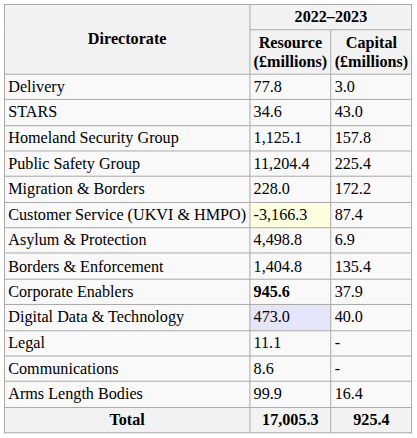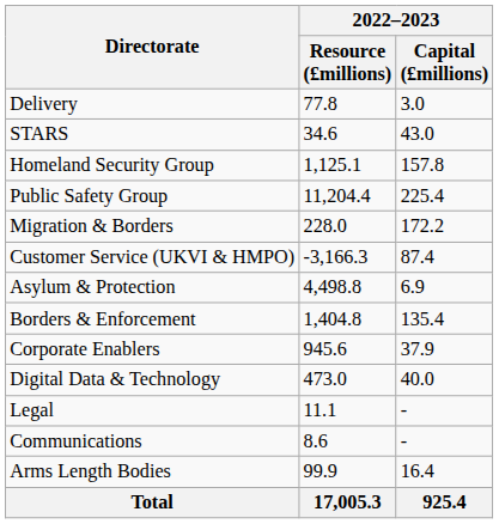 <table class="wikitable sortable">
 <tr>
 <th rowspan=2>Directorate</th>
 <th colspan=2>2022–2023</th>
 </tr>
 <tr>
 <th>Resource<br>(£millions)</th>
 <th>Capital<br>(£millions)</th>
 </tr>
 <tr>
 <td>Delivery</td>
 <td>77.8</td>
 <td>3.0</td>
 </tr>
 <tr>
 <td>STARS</td>
 <td>34.6</td>
 <td>43.0</td>
 </tr>
 <tr>
 <td>Homeland Security Group</td>
 <td>1,125.1</td>
 <td>157.8</td>
 </tr>
 <tr>
 <td>Public Safety Group</td>
 <td>11,204.4</td>
 <td>225.4</td>
 </tr>
 <tr>
 <td>Migration & Borders</td>
 <td>228.0</td>
 <td>172.2</td>
 </tr>
 <tr>
 <td>Customer Service (UKVI & HMPO)</td>
-<td style="background: lightyellow;">-3,166.3</td>
+<td>-3,166.3</td>
 <td>87.4</td>
 </tr>
 <tr>
 <td>Asylum & Protection</td>
 <td>4,498.8</td>
 <td>6.9</td>
 </tr>
 <tr>
 <td>Borders & Enforcement</td>
 <td>1,404.8</td>
 <td>135.4</td>
 </tr>
 <tr>
 <td>Corporate Enablers</td>
-<td><strong>945.6</strong></td>
+<td>945.6</td>
 <td>37.9</td>
 </tr>
 <tr>
 <td>Digital Data & Technology</td>
-<td style="background: lavender;">473.0</td>
+<td>473.0</td>
 <td>40.0</td>
 </tr>
 <tr>
 <td>Legal</td>
 <td>11.1</td>
 <td>-</td>
 </tr>
 <tr>
 <td>Communications</td>
 <td>8.6</td>
 <td>-</td>
 </tr>
 <tr>
 <td>Arms Length Bodies</td>
 <td>99.9</td>
 <td>16.4</td>
 </tr>
 <tr class=sortbottom>
 <th>Total</th>
 <th>17,005.3</th>
 <th>925.4</th>
 </tr>
 </table>
